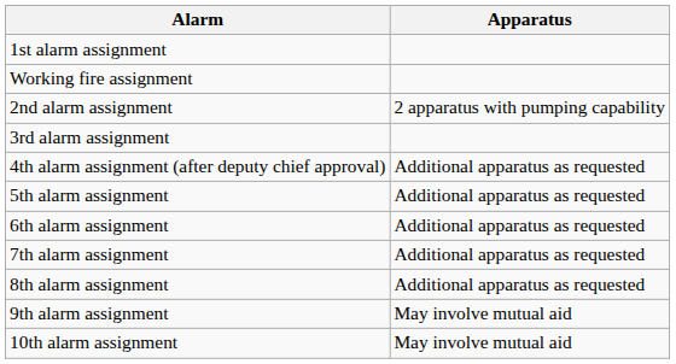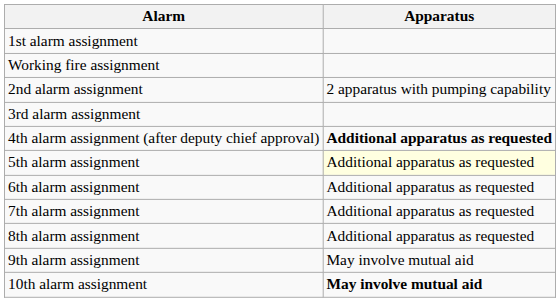 <table class="wikitable">
 <tr>
 <th>Alarm</th>
 <th>Apparatus</th>
 </tr>
 <tr>
 <td>1st alarm assignment</td>
 <td></td>
 </tr>
 <tr>
 <td>Working fire assignment</td>
 <td></td>
 </tr>
 <tr>
 <td>2nd alarm assignment</td>
 <td>2 apparatus with pumping capability</td>
 </tr>
 <tr>
 <td>3rd alarm assignment</td>
 <td></td>
 </tr>
 <tr>
 <td>4th alarm assignment (after deputy chief approval)</td>
-<td>Additional apparatus as requested</td>
+<td><strong>Additional apparatus as requested</strong></td>
 </tr>
 <tr>
 <td>5th alarm assignment</td>
-<td>Additional apparatus as requested</td>
+<td style="background: lightyellow;">Additional apparatus as requested</td>
 </tr>
 <tr>
 <td>6th alarm assignment</td>
 <td>Additional apparatus as requested</td>
 </tr>
 <tr>
 <td>7th alarm assignment</td>
 <td>Additional apparatus as requested</td>
 </tr>
 <tr>
 <td>8th alarm assignment</td>
 <td>Additional apparatus as requested</td>
 </tr>
 <tr>
 <td>9th alarm assignment</td>
 <td>May involve mutual aid</td>
 </tr>
 <tr>
 <td>10th alarm assignment</td>
-<td>May involve mutual aid</td>
+<td><strong>May involve mutual aid</strong></td>
 </tr>
 </table>
